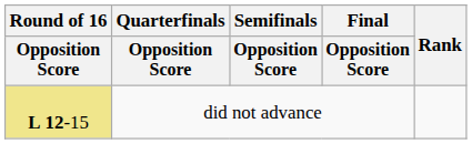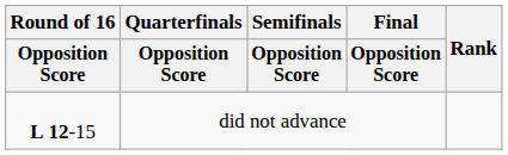 <table class=wikitable style="font-size:90%">
 <tr>
 <th>Round of 16</th>
 <th>Quarterfinals</th>
 <th>Semifinals</th>
 <th>Final</th>
 <th rowspan=2>Rank</th>
 </tr>
 <tr style="font-size:95%">
 <th>Opposition<br>Score</th>
 <th>Opposition<br>Score</th>
 <th>Opposition<br>Score</th>
 <th>Opposition<br>Score</th>
 </tr>
 <tr align=center>
-<td style="background: khaki;"><br><strong>L</strong> <strong>12</strong>-15</td>
+<td><br><strong>L</strong> <strong>12</strong>-15</td>
 <td colspan=3>did not advance</td>
 <td></td>
 </tr>
 </table>
